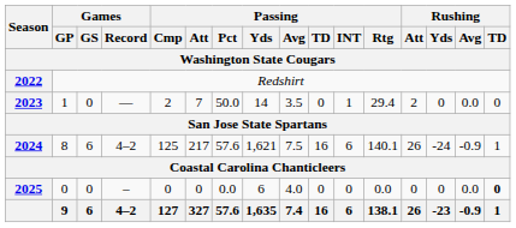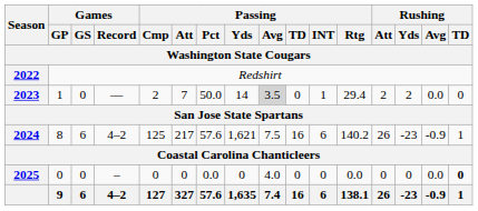 <table class="wikitable" style="text-align:center;">
 <tr>
 <th rowspan="2">Season</th>
 <th colspan="3">Games</th>
 <th colspan="8">Passing</th>
 <th colspan="4">Rushing</th>
 </tr>
 <tr>
 <th>GP</th>
 <th>GS</th>
 <th>Record</th>
 <th>Cmp</th>
 <th>Att</th>
 <th>Pct</th>
 <th>Yds</th>
 <th>Avg</th>
 <th>TD</th>
 <th>INT</th>
 <th>Rtg</th>
 <th>Att</th>
 <th>Yds</th>
 <th>Avg</th>
 <th>TD</th>
 </tr>
 <tr>
 <th colspan="16">Washington State Cougars</th>
 </tr>
 <tr>
 <th><a href='#'>2022</a></th>
 <td colspan="15"><em>Redshirt </em></td>
 </tr>
 <tr>
 <th><a href='#'>2023</a></th>
 <td>1</td>
 <td>0</td>
 <td>—</td>
 <td>2</td>
 <td>7</td>
 <td>50.0</td>
 <td>14</td>
-<td>3.5</td>
+<td style="background: lightgrey;">3.5</td>
 <td>0</td>
 <td>1</td>
 <td>29.4</td>
 <td>2</td>
-<td>0</td>
+<td>2</td>
 <td>0.0</td>
 <td>0</td>
 </tr>
 <tr>
 <th colspan="16">San Jose State Spartans</th>
 </tr>
 <tr>
 <th><a href='#'>2024</a></th>
 <td>8</td>
 <td>6</td>
 <td>4–2</td>
 <td>125</td>
 <td>217</td>
 <td>57.6</td>
 <td>1,621</td>
 <td>7.5</td>
 <td>16</td>
 <td>6</td>
-<td>140.1</td>
+<td>140.2</td>
 <td>26</td>
-<td>-24</td>
+<td>-23</td>
 <td>-0.9</td>
 <td>1</td>
 </tr>
 <tr>
 <th colspan="16">Coastal Carolina Chanticleers</th>
 </tr>
 <tr>
 <th><a href='#'>2025</a></th>
 <td>0</td>
 <td>0</td>
 <td>–</td>
 <td>0</td>
 <td>0</td>
 <td>0.0</td>
-<td>6</td>
+<td>0</td>
 <td>4.0</td>
 <td>0</td>
 <td>0</td>
 <td>0.0</td>
 <td>0</td>
 <td>0</td>
 <td>0.0</td>
 <td><strong>0</strong></td>
 </tr>
 <tr>
 <th></th>
 <th>9</th>
 <th>6</th>
 <th>4–2</th>
 <th>127</th>
 <th>327</th>
 <th>57.6</th>
 <th>1,635</th>
 <th>7.4</th>
 <th>16</th>
 <th>6</th>
 <th>138.1</th>
 <th>26</th>
 <th>-23</th>
 <th>-0.9</th>
 <th>1</th>
 </tr>
 </table>
